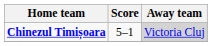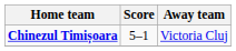 <table class="wikitable" style="text-align: center">
 <tr>
 <th>Home team</th>
 <th>Score</th>
 <th>Away team</th>
 </tr>
 <tr>
 <td><strong><a href='#'>Chinezul Timișoara</a></strong></td>
 <td>5–1</td>
-<td style="background: lightgrey;"><a href='#'>Victoria Cluj</a></td>
+<td><a href='#'>Victoria Cluj</a></td>
 </tr>
 <tr>
 </tr>
 </table>
